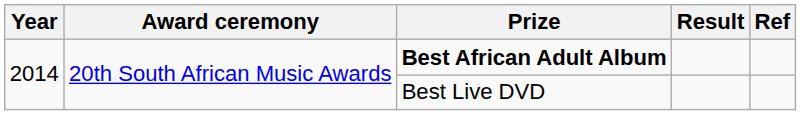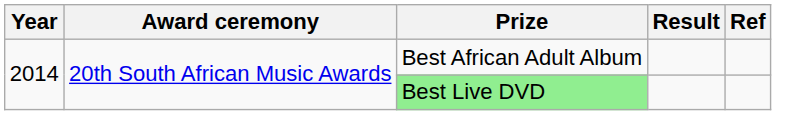 <table class ="wikitable">
 <tr>
 <th>Year</th>
 <th>Award ceremony</th>
 <th>Prize</th>
 <th>Result</th>
 <th>Ref</th>
 </tr>
 <tr>
 <td rowspan="2">2014</td>
 <td rowspan="2"><a href='#'>20th South African Music Awards</a></td>
-<td><strong>Best African Adult Album</strong></td>
+<td>Best African Adult Album</td>
 <td></td>
 <td></td>
 </tr>
 <tr>
-<td>Best Live DVD</td>
+<td style="background: lightgreen;">Best Live DVD</td>
 <td></td>
 <td></td>
 </tr>
 </table>
